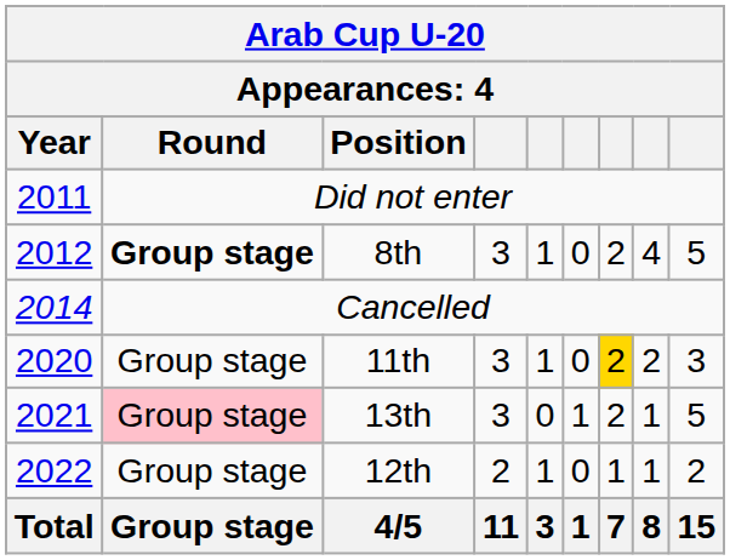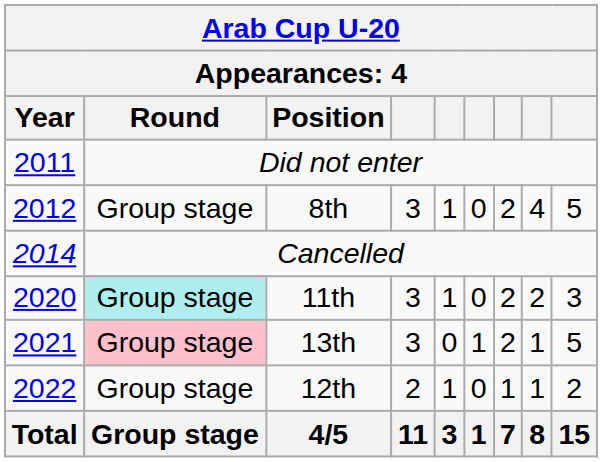 <table class="wikitable" style="text-align: center;font-size:90%;">
 <tr>
 <th colspan=9><a href='#'>Arab Cup U-20</a></th>
 </tr>
 <tr>
 <th colspan=9>Appearances: 4</th>
 </tr>
 <tr>
 <th>Year</th>
 <th>Round</th>
 <th>Position</th>
 <th></th>
 <th></th>
 <th></th>
 <th></th>
 <th></th>
 <th></th>
 </tr>
 <tr>
 <td> <a href='#'>2011</a></td>
 <td colspan=8><em>Did not enter</em></td>
 </tr>
 <tr>
 <td> <a href='#'>2012</a></td>
-<td><strong>Group stage</strong></td>
+<td>Group stage</td>
 <td>8th</td>
 <td>3</td>
 <td>1</td>
 <td>0</td>
 <td>2</td>
 <td>4</td>
 <td>5</td>
 </tr>
 <tr>
 <td> <em><a href='#'>2014</a></em></td>
 <td colspan=8><em>Cancelled</em></td>
 </tr>
 <tr>
 <td> <a href='#'>2020</a></td>
-<td>Group stage</td>
+<td style="background: paleturquoise;">Group stage</td>
 <td>11th</td>
 <td>3</td>
 <td>1</td>
 <td>0</td>
-<td style="background: gold;">2</td>
+<td>2</td>
 <td>2</td>
 <td>3</td>
 </tr>
 <tr>
 <td> <a href='#'>2021</a></td>
 <td style="background: pink;">Group stage</td>
 <td>13th</td>
 <td>3</td>
 <td>0</td>
 <td>1</td>
 <td>2</td>
 <td>1</td>
 <td>5</td>
 </tr>
 <tr>
 <td> <a href='#'>2022</a></td>
 <td>Group stage</td>
 <td>12th</td>
 <td>2</td>
 <td>1</td>
 <td>0</td>
 <td>1</td>
 <td>1</td>
 <td>2</td>
 </tr>
 <tr>
 <th>Total</th>
 <th>Group stage</th>
 <th>4/5</th>
 <th>11</th>
 <th>3</th>
 <th>1</th>
 <th>7</th>
 <th>8</th>
 <th>15</th>
 </tr>
 </table>
